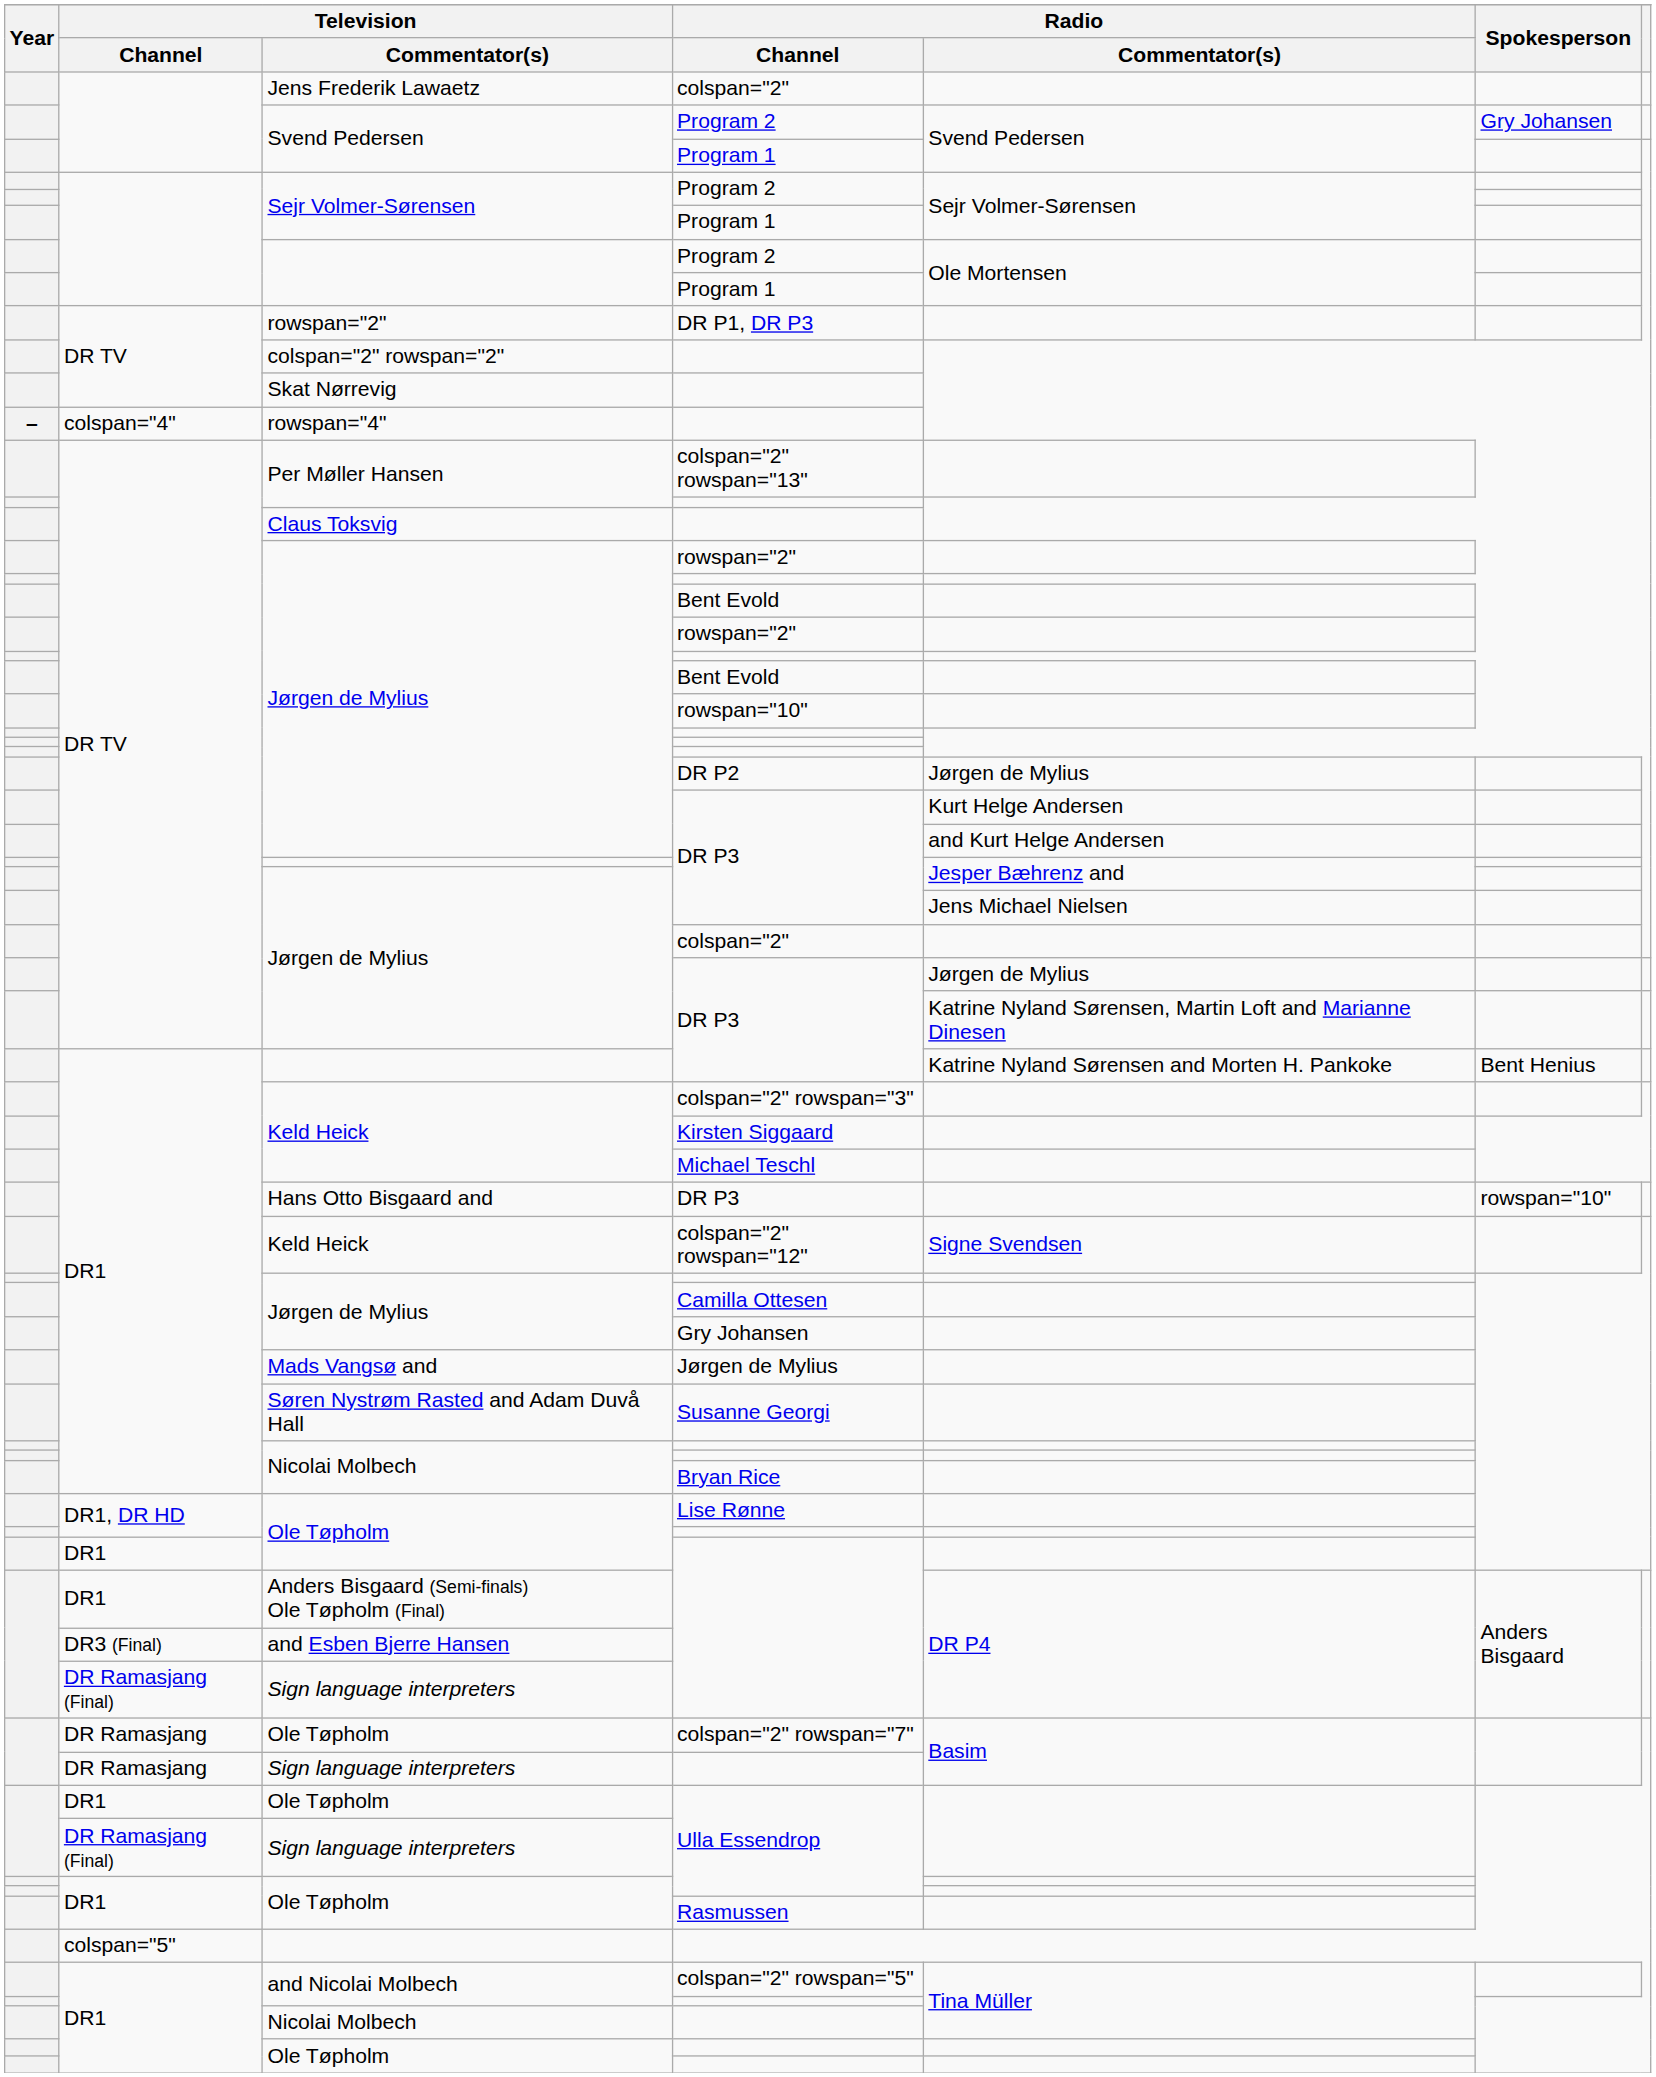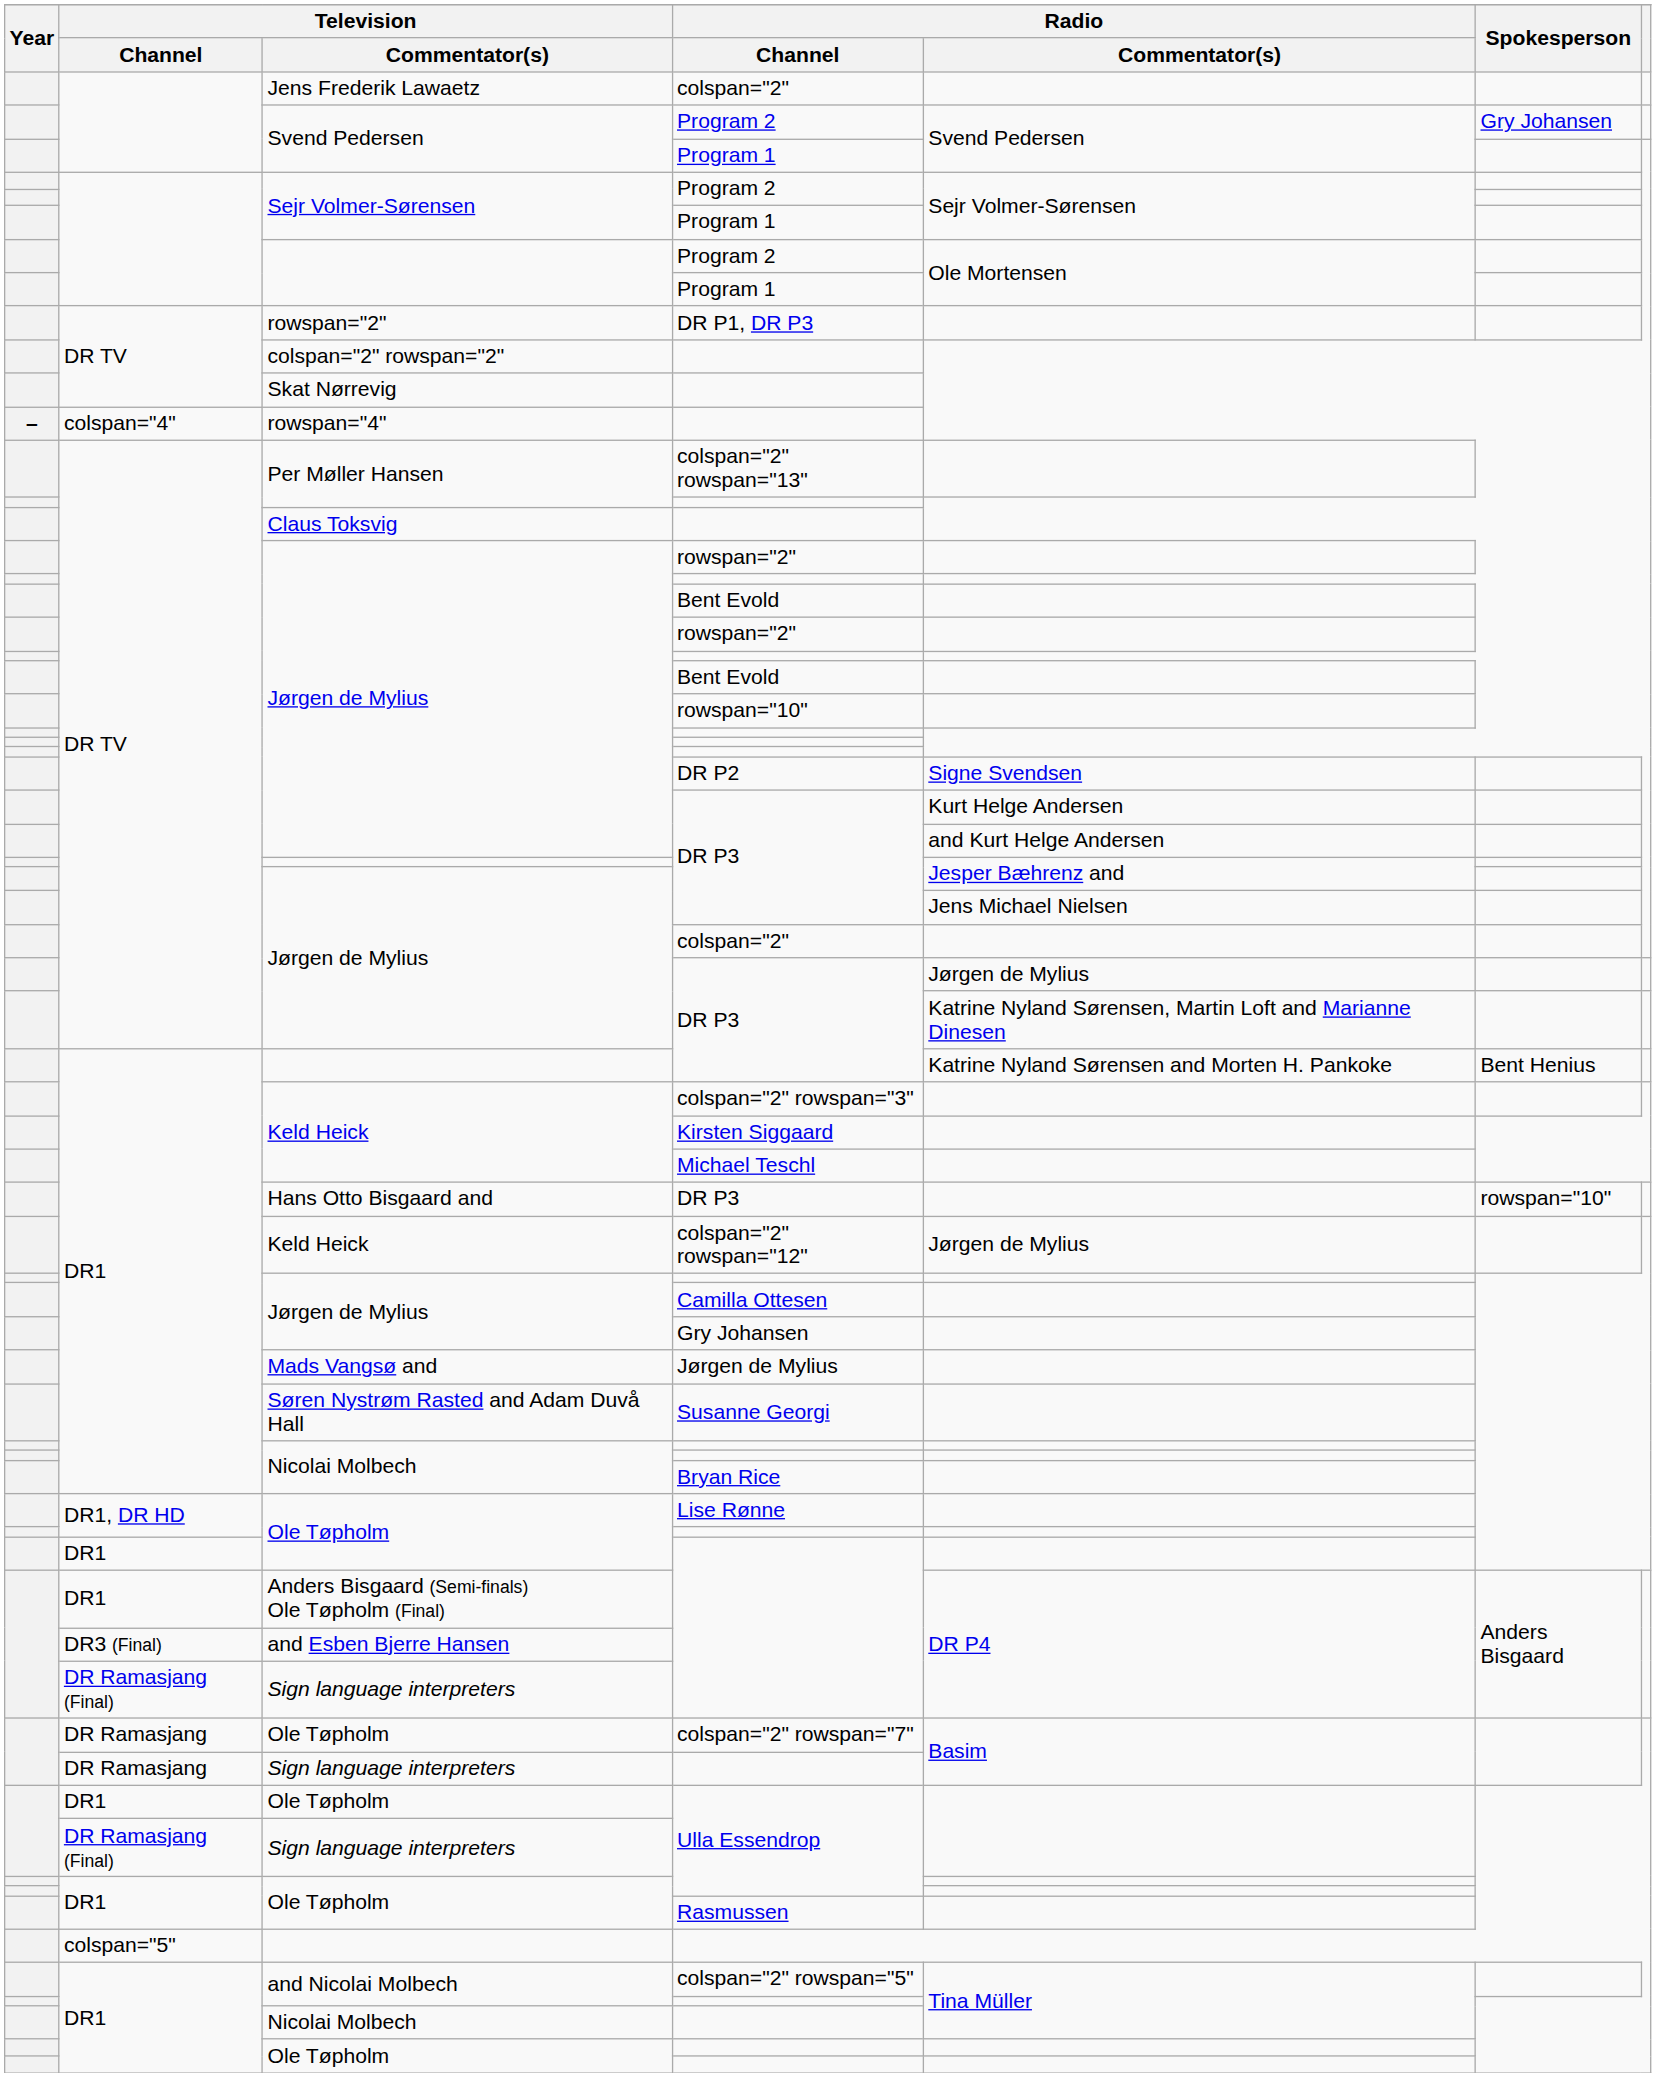 <table class="wikitable plainrowheaders sticky-header" text-align:left;">
 <tr>
 </tr>
 <tr>
 <th rowspan="2">Year</th>
 <th colspan="2">Television</th>
 <th colspan="2">Radio</th>
 <th rowspan="2">Spokesperson</th>
 <th rowspan="2" class="unsortable"></th>
 </tr>
 <tr>
 <th>Channel</th>
 <th>Commentator(s)</th>
 <th>Channel</th>
 <th>Commentator(s)</th>
 </tr>
 <tr>
 <th scope="row"></th>
 <td rowspan="3"></td>
 <td>Jens Frederik Lawaetz</td>
 <td>colspan="2" </td>
 <td></td>
 <td style="text-align:center"></td>
 </tr>
 <tr>
 <th scope="row"></th>
 <td rowspan="2">Svend Pedersen</td>
 <td><a href='#'>Program 2</a></td>
 <td rowspan="2">Svend Pedersen</td>
 <td><a href='#'>Gry Johansen</a></td>
 <td style="text-align:center"></td>
 </tr>
 <tr>
 <th scope="row"></th>
 <td><a href='#'>Program 1</a></td>
 <td style="text-align:center"></td>
 </tr>
 <tr>
 <th scope="row"></th>
 <td rowspan="5"></td>
 <td rowspan="3"><a href='#'>Sejr Volmer-Sørensen</a></td>
 <td rowspan="2">Program 2</td>
 <td rowspan="3">Sejr Volmer-Sørensen</td>
 <td style="text-align:center"></td>
 </tr>
 <tr>
 <th scope="row"></th>
 <td style="text-align:center"></td>
 </tr>
 <tr>
 <th scope="row"></th>
 <td>Program 1</td>
 <td style="text-align:center"></td>
 </tr>
 <tr>
 <th scope="row"></th>
 <td rowspan="2"></td>
 <td>Program 2</td>
 <td rowspan="2">Ole Mortensen</td>
 <td style="text-align:center"></td>
 </tr>
 <tr>
 <th scope="row"></th>
 <td>Program 1</td>
 <td style="text-align:center"></td>
 </tr>
 <tr>
 <th scope="row"></th>
 <td rowspan="3">DR TV</td>
 <td>rowspan="2" </td>
 <td>DR P1, <a href='#'>DR P3</a></td>
 <td></td>
 <td style="text-align:center"></td>
 </tr>
 <tr>
 <th scope="row"></th>
 <td>colspan="2" rowspan="2" </td>
 <td style="text-align:center"></td>
 </tr>
 <tr>
 <th scope="row"></th>
 <td>Skat Nørrevig</td>
 <td style="text-align:center"></td>
 </tr>
 <tr>
 <th scope="row">–</th>
 <td>colspan="4" </td>
 <td>rowspan="4" </td>
 <td style="text-align:center"></td>
 </tr>
 <tr>
 <th scope="row"></th>
 <td rowspan="22">DR TV</td>
 <td rowspan="2">Per Møller Hansen</td>
 <td>colspan="2" rowspan="13" </td>
 <td style="text-align:center"></td>
 </tr>
 <tr>
 <th scope="row"></th>
 <td style="text-align:center"></td>
 </tr>
 <tr>
 <th scope="row"></th>
 <td><a href='#'>Claus Toksvig</a></td>
 <td style="text-align:center"></td>
 </tr>
 <tr>
 <th scope="row"></th>
 <td rowspan="13"><a href='#'>Jørgen de Mylius</a></td>
 <td>rowspan="2" </td>
 <td style="text-align:center"></td>
 </tr>
 <tr>
 <th scope="row"></th>
 <td style="text-align:center"></td>
 </tr>
 <tr>
 <th scope="row"></th>
 <td>Bent Evold</td>
 <td style="text-align:center"></td>
 </tr>
 <tr>
 <th scope="row"></th>
 <td>rowspan="2" </td>
 <td style="text-align:center"></td>
 </tr>
 <tr>
 <th scope="row"></th>
 <td style="text-align:center"></td>
 </tr>
 <tr>
 <th scope="row"></th>
 <td>Bent Evold</td>
 <td style="text-align:center"></td>
 </tr>
 <tr>
 <th scope="row"></th>
 <td>rowspan="10" </td>
 <td style="text-align:center"></td>
 </tr>
 <tr>
 <th scope="row"></th>
 <td style="text-align:center"></td>
 </tr>
 <tr>
 <th scope="row"></th>
 <td style="text-align:center"></td>
 </tr>
 <tr>
 <th scope="row"></th>
 <td style="text-align:center"></td>
 </tr>
 <tr>
 <th scope="row"></th>
 <td>DR P2</td>
-<td>Jørgen de Mylius</td>
+<td><a href='#'>Signe Svendsen</a></td>
 <td style="text-align:center"></td>
 </tr>
 <tr>
 <th scope="row"></th>
 <td rowspan="5">DR P3</td>
 <td>Kurt Helge Andersen</td>
 <td style="text-align:center"></td>
 </tr>
 <tr>
 <th scope="row"></th>
 <td> and Kurt Helge Andersen</td>
 <td style="text-align:center"></td>
 </tr>
 <tr>
 <th scope="row"></th>
 <td></td>
 <td rowspan="2"><a href='#'>Jesper Bæhrenz</a> and </td>
 <td style="text-align:center"></td>
 </tr>
 <tr>
 <th scope="row"></th>
 <td rowspan="5">Jørgen de Mylius</td>
 <td style="text-align:center"></td>
 </tr>
 <tr>
 <th scope="row"></th>
 <td>Jens Michael Nielsen</td>
 <td style="text-align:center"></td>
 </tr>
 <tr>
 <th scope="row"></th>
 <td>colspan="2" </td>
 <td></td>
 <td style="text-align:center"></td>
 </tr>
 <tr>
 <th scope="row"></th>
 <td rowspan="3">DR P3</td>
 <td>Jørgen de Mylius</td>
 <td></td>
 <td style="text-align:center"></td>
 </tr>
 <tr>
 <th scope="row"></th>
 <td>Katrine Nyland Sørensen, Martin Loft and <a href='#'>Marianne Dinesen</a></td>
 <td></td>
 <td style="text-align:center"></td>
 </tr>
 <tr>
 <th scope="row"></th>
 <td rowspan="14">DR1</td>
 <td></td>
 <td>Katrine Nyland Sørensen and Morten H. Pankoke</td>
 <td>Bent Henius</td>
 <td style="text-align:center"></td>
 </tr>
 <tr>
 <th scope="row"></th>
 <td rowspan="3"><a href='#'>Keld Heick</a></td>
 <td>colspan="2" rowspan="3" </td>
 <td></td>
 <td style="text-align:center"></td>
 </tr>
 <tr>
 <th scope="row"></th>
 <td><a href='#'>Kirsten Siggaard</a></td>
 <td style="text-align:center"></td>
 </tr>
 <tr>
 <th scope="row"></th>
 <td><a href='#'>Michael Teschl</a></td>
 <td style="text-align:center"></td>
 </tr>
 <tr>
 <th scope="row"></th>
 <td>Hans Otto Bisgaard and </td>
 <td>DR P3</td>
 <td></td>
 <td>rowspan="10" </td>
 <td style="text-align:center"></td>
 </tr>
 <tr>
 <th scope="row"></th>
 <td>Keld Heick</td>
 <td>colspan="2" rowspan="12" </td>
-<td><a href='#'>Signe Svendsen</a></td>
+<td>Jørgen de Mylius</td>
 <td style="text-align:center"></td>
 </tr>
 <tr>
 <th scope="row"></th>
 <td rowspan="3">Jørgen de Mylius</td>
 <td></td>
 <td style="text-align:center"></td>
 </tr>
 <tr>
 <th scope="row"></th>
 <td><a href='#'>Camilla Ottesen</a></td>
 <td style="text-align:center"></td>
 </tr>
 <tr>
 <th scope="row"></th>
 <td>Gry Johansen</td>
 <td style="text-align:center"></td>
 </tr>
 <tr>
 <th scope="row"></th>
 <td><a href='#'>Mads Vangsø</a> and </td>
 <td>Jørgen de Mylius</td>
 <td style="text-align:center"></td>
 </tr>
 <tr>
 <th scope="row"></th>
 <td><a href='#'>Søren Nystrøm Rasted</a> and Adam Duvå Hall</td>
 <td><a href='#'>Susanne Georgi</a></td>
 <td style="text-align:center"></td>
 </tr>
 <tr>
 <th scope="row"></th>
 <td rowspan="3">Nicolai Molbech</td>
 <td></td>
 <td style="text-align:center"></td>
 </tr>
 <tr>
 <th scope="row"></th>
 <td></td>
 <td style="text-align:center"></td>
 </tr>
 <tr>
 <th scope="row"></th>
 <td><a href='#'>Bryan Rice</a></td>
 <td style="text-align:center"></td>
 </tr>
 <tr>
 <th scope="row"></th>
 <td rowspan="2">DR1, <a href='#'>DR HD</a></td>
 <td rowspan="3"><a href='#'>Ole Tøpholm</a></td>
 <td><a href='#'>Lise Rønne</a></td>
 <td style="text-align:center"></td>
 </tr>
 <tr>
 <th scope="row"></th>
 <td></td>
 <td style="text-align:center"></td>
 </tr>
 <tr>
 <th scope="row"></th>
 <td>DR1</td>
 <td rowspan="4"></td>
 <td style="text-align:center"></td>
 </tr>
 <tr>
 <th scope="row" rowspan="3"></th>
 <td>DR1</td>
 <td>Anders Bisgaard <small>(Semi-finals)</small><br> Ole Tøpholm <small>(Final)</small></td>
 <td rowspan="3"><a href='#'>DR P4</a></td>
 <td rowspan="3">Anders Bisgaard</td>
 <td style="text-align:center" rowspan="3"></td>
 </tr>
 <tr>
 <td>DR3 <small>(Final)</small></td>
 <td> and <a href='#'>Esben Bjerre Hansen</a></td>
 </tr>
 <tr>
 <td><a href='#'>DR Ramasjang</a> <small>(Final)</small></td>
 <td><em>Sign language interpreters</em></td>
 </tr>
 <tr>
 <th scope="row" rowspan="2"></th>
 <td>DR Ramasjang</td>
 <td>Ole Tøpholm</td>
 <td>colspan="2" rowspan="7" </td>
 <td rowspan="2"><a href='#'>Basim</a></td>
 <td style="text-align:center" rowspan="2"></td>
 </tr>
 <tr>
 <td>DR Ramasjang</td>
 <td><em>Sign language interpreters</em></td>
 </tr>
 <tr>
 <th scope="row" rowspan="2"></th>
 <td>DR1</td>
 <td>Ole Tøpholm</td>
 <td rowspan="4"><a href='#'>Ulla Essendrop</a></td>
 <td style="text-align:center" rowspan="2"></td>
 </tr>
 <tr>
 <td><a href='#'>DR Ramasjang</a> <small>(Final)</small></td>
 <td><em>Sign language interpreters</em></td>
 </tr>
 <tr>
 <th scope="row"></th>
 <td rowspan="3">DR1</td>
 <td rowspan="3">Ole Tøpholm</td>
 <td style="text-align:center"></td>
 </tr>
 <tr>
 <th scope="row"></th>
 <td style="text-align:center"></td>
 </tr>
 <tr>
 <th scope="row"></th>
 <td><a href='#'>Rasmussen</a></td>
 <td style="text-align:center"></td>
 </tr>
 <tr>
 <th scope="row"><s></s></th>
 <td>colspan="5" </td>
 <td></td>
 </tr>
 <tr>
 <th scope="row"></th>
 <td rowspan="5">DR1</td>
 <td rowspan="2"> and Nicolai Molbech</td>
 <td>colspan="2" rowspan="5" </td>
 <td rowspan="3"><a href='#'>Tina Müller</a></td>
 <td style="text-align:center"></td>
 </tr>
 <tr>
 <th scope="row"></th>
 <td style="text-align:center"></td>
 </tr>
 <tr>
 <th scope="row"></th>
 <td>Nicolai Molbech</td>
 <td style="text-align:center"></td>
 </tr>
 <tr>
 <th scope="row"></th>
 <td rowspan="2">Ole Tøpholm</td>
 <td></td>
 <td style="text-align:center"></td>
 </tr>
 <tr>
 <th scope="row"></th>
 <td></td>
 <td style="text-align:center"></td>
 </tr>
 </table>
